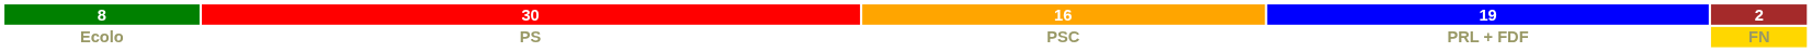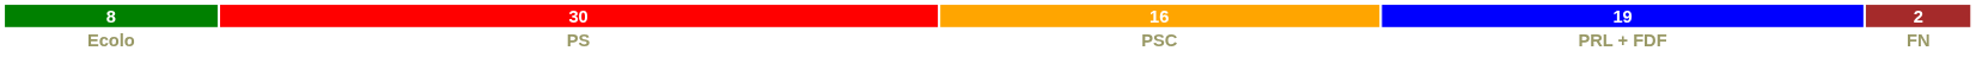 <table style="width:100%; font-size:88%; text-align:center;">
 <tr style="font-weight:bold">
 <td style="background:green; width:10.42%; color:white">8</td>
 <td style="background:red; width:35.22%; color:white">30</td>
 <td style="background:orange; width:21.56%; color:white">16</td>
 <td style="background:blue; width:23.67%; color:white">19</td>
 <td style="background:brown; width:5.11%; color:white">2</td>
 </tr>
 <tr style="font-weight:bold; color:#996;">
 <td>Ecolo</td>
 <td>PS</td>
 <td>PSC</td>
 <td>PRL + FDF</td>
-<td style="background: gold;">FN</td>
+<td>FN</td>
 </tr>
 </table>
